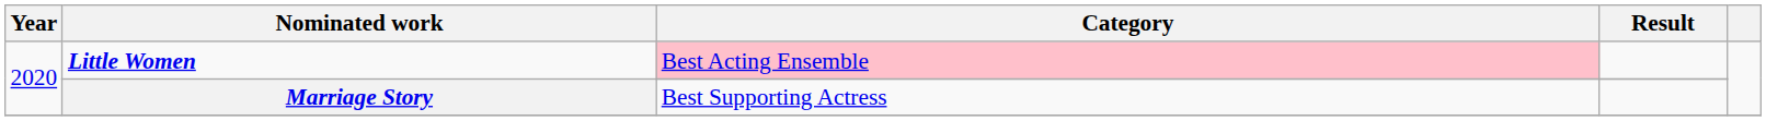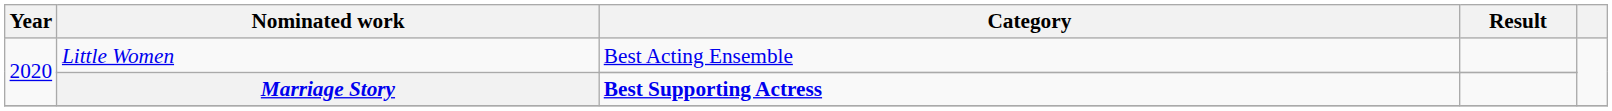 <table class="wikitable sortable">
 <tr>
 <th scope="col" style="width:1em;">Year</th>
 <th scope="col" style="width:25em;">Nominated work</th>
 <th scope="col" style="width:40em;">Category</th>
 <th scope="col" style="width:5em;">Result</th>
 <th scope="col" style="width:1em;"class="unsortable"></th>
 </tr>
 <tr>
 <td rowspan="3"><a href='#'>2020</a></td>
-<td><strong><em><a href='#'>Little Women</a></em></strong></td>
-<td style="background: pink;"><a href='#'>Best Acting Ensemble</a></td>
+<td><em><a href='#'>Little Women</a></em></td>
+<td><a href='#'>Best Acting Ensemble</a></td>
 <td></td>
 <td style="text-align:center;" rowspan="3"></td>
 </tr>
 <tr>
 <th rowspan="2"><em><a href='#'>Marriage Story</a></em></th>
 </tr>
 <tr>
-<td><a href='#'>Best Supporting Actress</a></td>
+<td><strong><a href='#'>Best Supporting Actress</a></strong></td>
 <td></td>
 </tr>
 <tr>
 </tr>
 </table>
